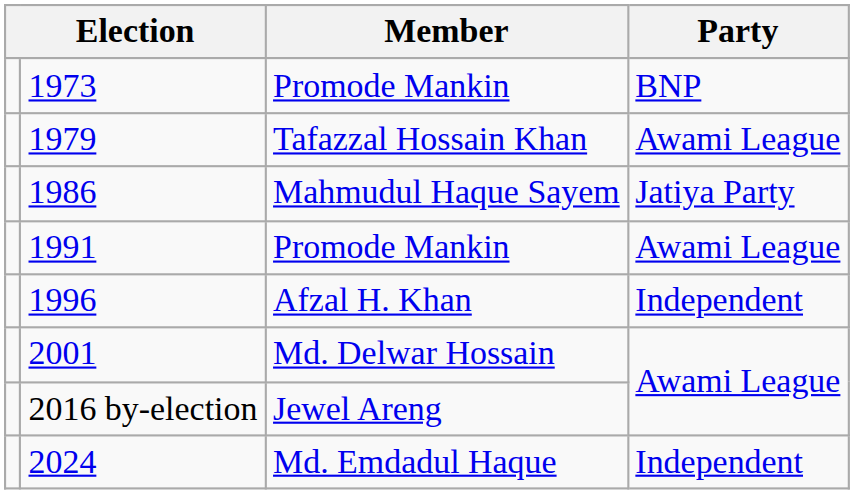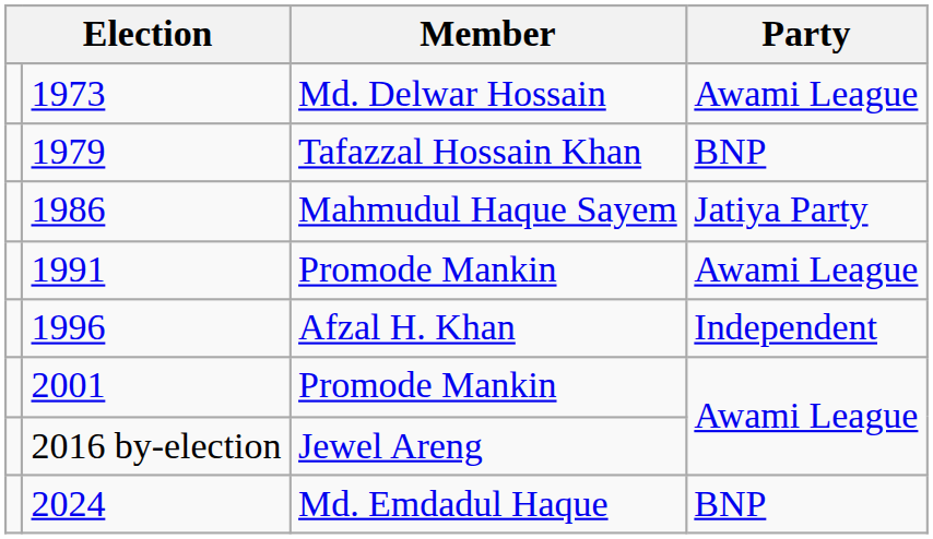 <table class="wikitable">
 <tr>
 <th colspan="2">Election</th>
 <th>Member</th>
 <th>Party</th>
 </tr>
 <tr>
 <td style="background-color:"></td>
 <td><a href='#'>1973</a></td>
-<td><a href='#'>Promode Mankin</a></td>
-<td><a href='#'>BNP</a></td>
+<td><a href='#'>Md. Delwar Hossain</a></td>
+<td><a href='#'>Awami League</a></td>
 </tr>
 <tr>
 <td style="background-color:"></td>
 <td><a href='#'>1979</a></td>
 <td><a href='#'>Tafazzal Hossain Khan</a></td>
-<td><a href='#'>Awami League</a></td>
+<td><a href='#'>BNP</a></td>
 </tr>
 <tr>
 <td style="background-color:"></td>
 <td><a href='#'>1986</a></td>
 <td><a href='#'>Mahmudul Haque Sayem</a></td>
 <td><a href='#'>Jatiya Party</a></td>
 </tr>
 <tr>
 <td style="background-color:"></td>
 <td><a href='#'>1991</a></td>
 <td><a href='#'>Promode Mankin</a></td>
 <td><a href='#'>Awami League</a></td>
 </tr>
 <tr>
 <td style="background-color:"></td>
 <td><a href='#'>1996</a></td>
 <td><a href='#'>Afzal H. Khan</a></td>
 <td><a href='#'>Independent</a></td>
 </tr>
 <tr>
 <td style="background-color:"></td>
 <td><a href='#'>2001</a></td>
-<td><a href='#'>Md. Delwar Hossain</a></td>
+<td><a href='#'>Promode Mankin</a></td>
 <td rowspan="2"><a href='#'>Awami League</a></td>
 </tr>
 <tr>
 <td style="background-color:"></td>
 <td>2016 by-election</td>
 <td><a href='#'>Jewel Areng</a></td>
 </tr>
 <tr>
 <td style="background-color:"></td>
 <td><a href='#'>2024</a></td>
 <td><a href='#'>Md. Emdadul Haque</a></td>
-<td><a href='#'>Independent</a></td>
+<td><a href='#'>BNP</a></td>
 </tr>
 </table>
